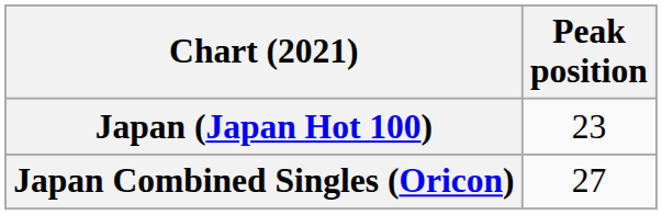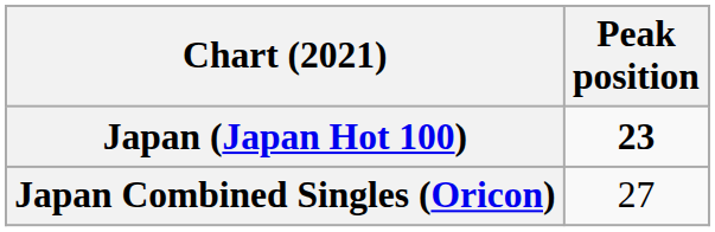 <table class="wikitable sortable plainrowheaders" style="text-align:center">
 <tr>
 <th scope="col">Chart (2021)</th>
 <th scope="col">Peak<br>position</th>
 </tr>
 <tr>
 <th scope="row">Japan (<a href='#'>Japan Hot 100</a>)</th>
-<td>23</td>
+<td><strong>23</strong></td>
 </tr>
 <tr>
 <th scope="row">Japan Combined Singles (<a href='#'>Oricon</a>)</th>
 <td>27</td>
 </tr>
 </table>
